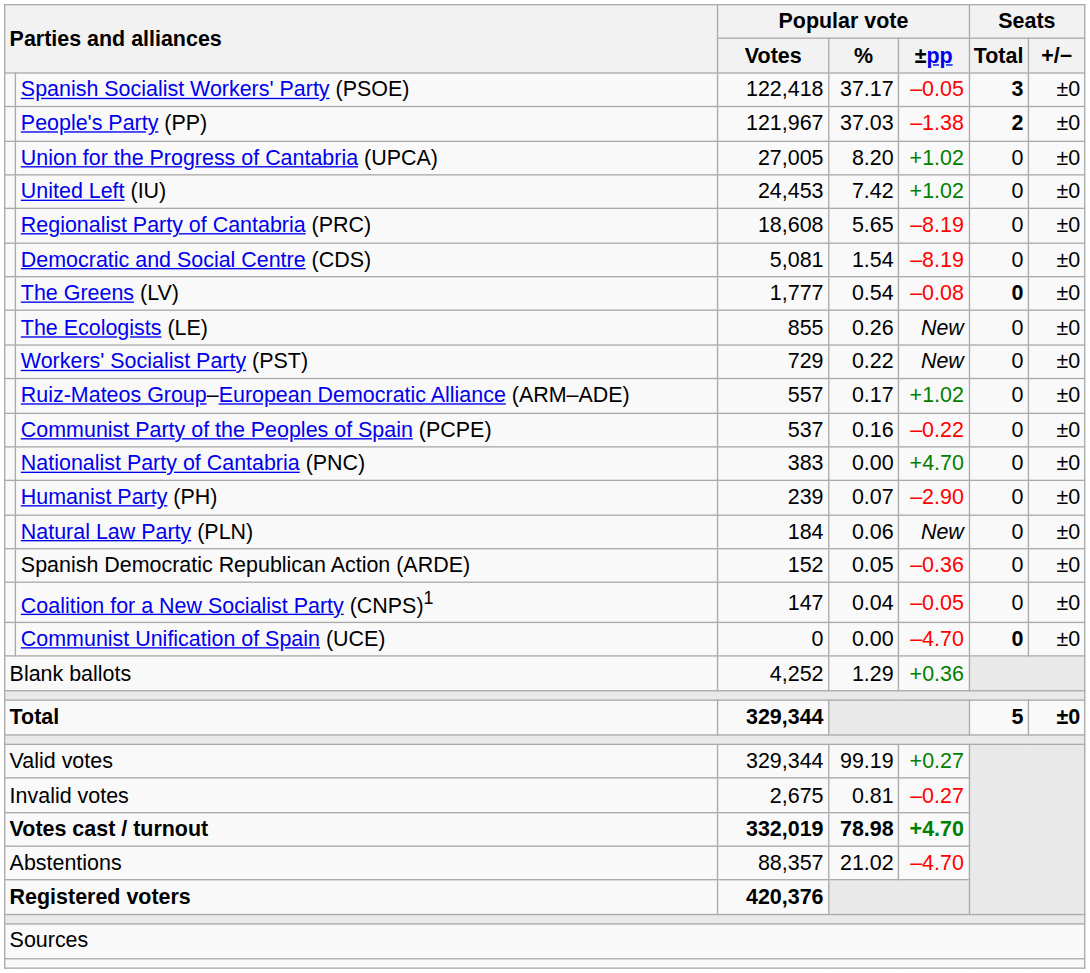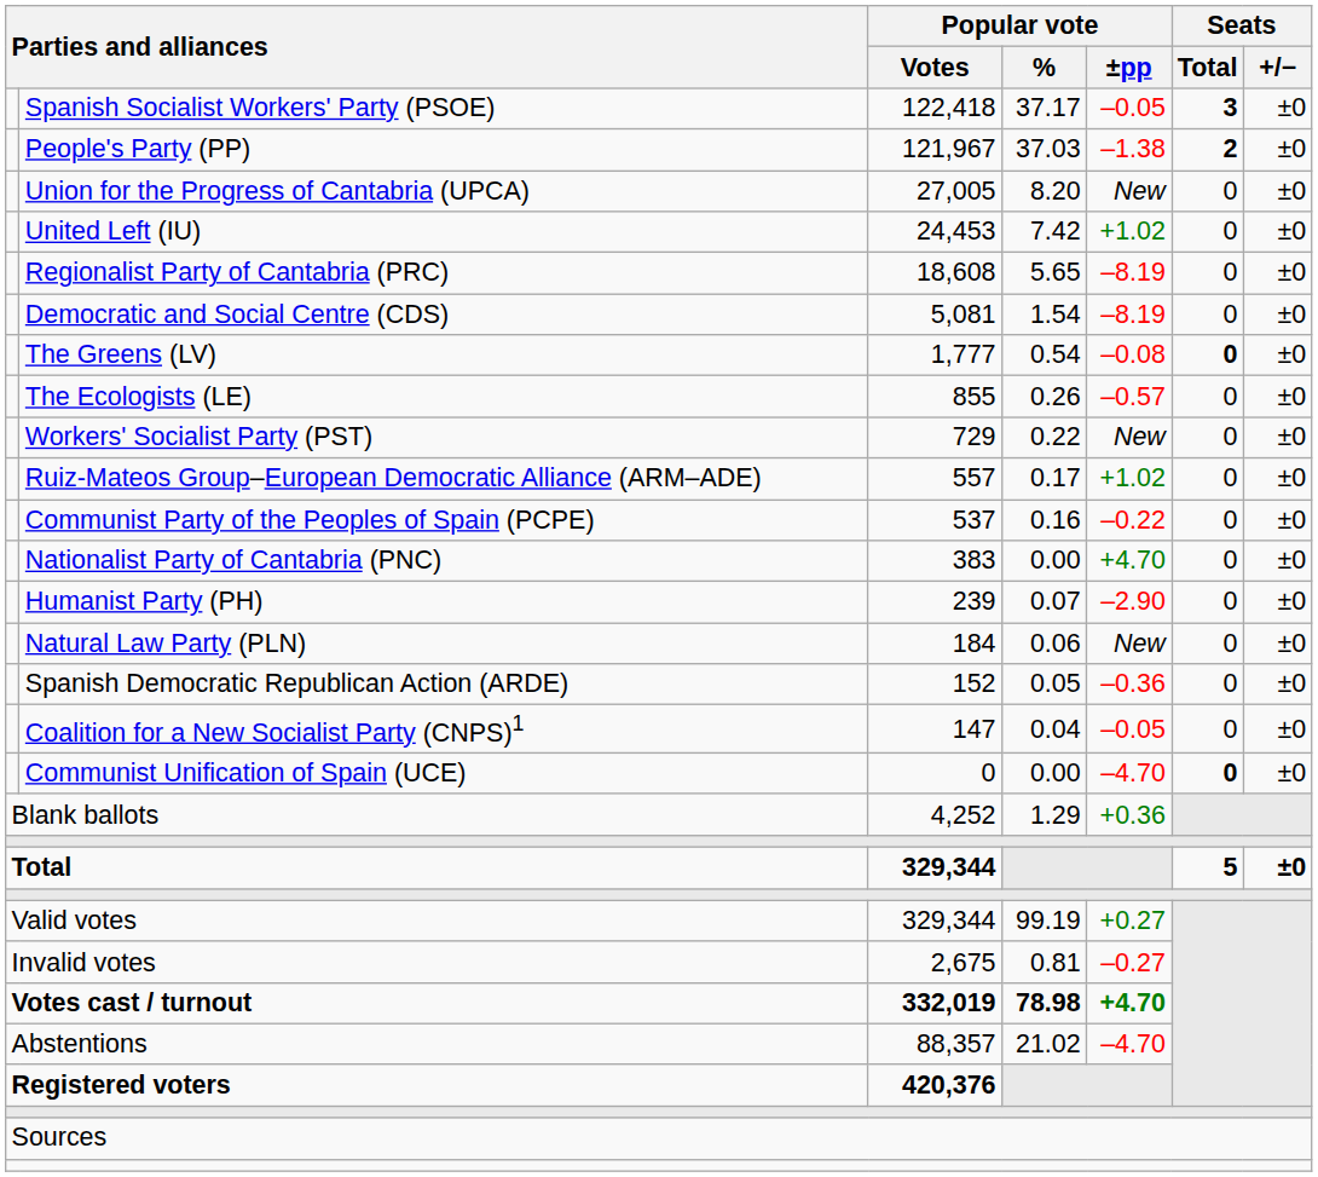 <table class="wikitable" style="text-align:right;">
 <tr>
 <th style="text-align:left;" rowspan="2" colspan="2" width="525">Parties and alliances</th>
 <th colspan="3">Popular vote</th>
 <th colspan="2">Seats</th>
 </tr>
 <tr>
 <th width="75">Votes</th>
 <th width="45">%</th>
 <th width="45">±<a href='#'>pp</a></th>
 <th width="35">Total</th>
 <th width="35">+/−</th>
 </tr>
 <tr>
 <td width="1" style="color:inherit;background:"></td>
 <td align="left"><a href='#'>Spanish Socialist Workers' Party</a> (PSOE)</td>
 <td>122,418</td>
 <td>37.17</td>
 <td style="color:red;">–0.05</td>
 <td><strong>3</strong></td>
 <td>±0</td>
 </tr>
 <tr>
 <td style="color:inherit;background:"></td>
 <td align="left"><a href='#'>People's Party</a> (PP)</td>
 <td>121,967</td>
 <td>37.03</td>
 <td style="color:red;">–1.38</td>
 <td><strong>2</strong></td>
 <td>±0</td>
 </tr>
 <tr>
 <td style="color:inherit;background:"></td>
 <td align="left"><a href='#'>Union for the Progress of Cantabria</a> (UPCA)</td>
 <td>27,005</td>
 <td>8.20</td>
-<td style="color:green;">+1.02</td>
+<td><em>New</em></td>
 <td>0</td>
 <td>±0</td>
 </tr>
 <tr>
 <td style="color:inherit;background:"></td>
 <td align="left"><a href='#'>United Left</a> (IU)</td>
 <td>24,453</td>
 <td>7.42</td>
 <td style="color:green;">+1.02</td>
 <td>0</td>
 <td>±0</td>
 </tr>
 <tr>
 <td style="color:inherit;background:"></td>
 <td align="left"><a href='#'>Regionalist Party of Cantabria</a> (PRC)</td>
 <td>18,608</td>
 <td>5.65</td>
 <td style="color:red;">–8.19</td>
 <td>0</td>
 <td>±0</td>
 </tr>
 <tr>
 <td style="color:inherit;background:"></td>
 <td align="left"><a href='#'>Democratic and Social Centre</a> (CDS)</td>
 <td>5,081</td>
 <td>1.54</td>
 <td style="color:red;">–8.19</td>
 <td>0</td>
 <td>±0</td>
 </tr>
 <tr>
 <td style="color:inherit;background:"></td>
 <td align="left"><a href='#'>The Greens</a> (LV)</td>
 <td>1,777</td>
 <td>0.54</td>
 <td style="color:red;">–0.08</td>
 <td><strong>0</strong></td>
 <td>±0</td>
 </tr>
 <tr>
 <td style="color:inherit;background:"></td>
 <td align="left"><a href='#'>The Ecologists</a> (LE)</td>
 <td>855</td>
 <td>0.26</td>
-<td><em>New</em></td>
+<td style="color:red;">–0.57</td>
 <td>0</td>
 <td>±0</td>
 </tr>
 <tr>
 <td style="color:inherit;background:"></td>
 <td align="left"><a href='#'>Workers' Socialist Party</a> (PST)</td>
 <td>729</td>
 <td>0.22</td>
 <td><em>New</em></td>
 <td>0</td>
 <td>±0</td>
 </tr>
 <tr>
 <td style="color:inherit;background:"></td>
 <td align="left"><a href='#'>Ruiz-Mateos Group</a>–<a href='#'>European Democratic Alliance</a> (ARM–ADE)</td>
 <td>557</td>
 <td>0.17</td>
 <td style="color:green;">+1.02</td>
 <td>0</td>
 <td>±0</td>
 </tr>
 <tr>
 <td style="color:inherit;background:"></td>
 <td align="left"><a href='#'>Communist Party of the Peoples of Spain</a> (PCPE)</td>
 <td>537</td>
 <td>0.16</td>
 <td style="color:red;">–0.22</td>
 <td>0</td>
 <td>±0</td>
 </tr>
 <tr>
 <td style="color:inherit;background:"></td>
 <td align="left"><a href='#'>Nationalist Party of Cantabria</a> (PNC)</td>
 <td>383</td>
 <td>0.00</td>
 <td style="color:green;">+4.70</td>
 <td>0</td>
 <td>±0</td>
 </tr>
 <tr>
 <td style="color:inherit;background:"></td>
 <td align="left"><a href='#'>Humanist Party</a> (PH)</td>
 <td>239</td>
 <td>0.07</td>
 <td style="color:red;">–2.90</td>
 <td>0</td>
 <td>±0</td>
 </tr>
 <tr>
 <td style="color:inherit;background:"></td>
 <td align="left"><a href='#'>Natural Law Party</a> (PLN)</td>
 <td>184</td>
 <td>0.06</td>
 <td><em>New</em></td>
 <td>0</td>
 <td>±0</td>
 </tr>
 <tr>
 <td style="color:inherit;background:"></td>
 <td align="left">Spanish Democratic Republican Action (ARDE)</td>
 <td>152</td>
 <td>0.05</td>
 <td style="color:red;">–0.36</td>
 <td>0</td>
 <td>±0</td>
 </tr>
 <tr>
 <td style="color:inherit;background:"></td>
 <td align="left"><a href='#'>Coalition for a New Socialist Party</a> (CNPS)<sup>1</sup></td>
 <td>147</td>
 <td>0.04</td>
 <td style="color:red;">–0.05</td>
 <td>0</td>
 <td>±0</td>
 </tr>
 <tr>
 <td style="color:inherit;background:"></td>
 <td align="left"><a href='#'>Communist Unification of Spain</a> (UCE)</td>
 <td>0</td>
 <td>0.00</td>
 <td style="color:red;">–4.70</td>
 <td><strong>0</strong></td>
 <td>±0</td>
 </tr>
 <tr>
 <td align="left" colspan="2">Blank ballots</td>
 <td>4,252</td>
 <td>1.29</td>
 <td style="color:green;">+0.36</td>
 <td bgcolor="#E9E9E9" colspan="2"></td>
 </tr>
 <tr>
 <td colspan="7" bgcolor="#E9E9E9"></td>
 </tr>
 <tr style="font-weight:bold;">
 <td align="left" colspan="2">Total</td>
 <td>329,344</td>
 <td bgcolor="#E9E9E9" colspan="2"></td>
 <td>5</td>
 <td>±0</td>
 </tr>
 <tr>
 <td colspan="7" bgcolor="#E9E9E9"></td>
 </tr>
 <tr>
 <td align="left" colspan="2">Valid votes</td>
 <td>329,344</td>
 <td>99.19</td>
 <td style="color:green;">+0.27</td>
 <td bgcolor="#E9E9E9" colspan="2" rowspan="5"></td>
 </tr>
 <tr>
 <td align="left" colspan="2">Invalid votes</td>
 <td>2,675</td>
 <td>0.81</td>
 <td style="color:red;">–0.27</td>
 </tr>
 <tr style="font-weight:bold;">
 <td align="left" colspan="2">Votes cast / turnout</td>
 <td>332,019</td>
 <td>78.98</td>
 <td style="color:green;">+4.70</td>
 </tr>
 <tr>
 <td align="left" colspan="2">Abstentions</td>
 <td>88,357</td>
 <td>21.02</td>
 <td style="color:red;">–4.70</td>
 </tr>
 <tr style="font-weight:bold;">
 <td align="left" colspan="2">Registered voters</td>
 <td>420,376</td>
 <td bgcolor="#E9E9E9" colspan="2"></td>
 </tr>
 <tr>
 <td colspan="7" bgcolor="#E9E9E9"></td>
 </tr>
 <tr>
 <td align="left" colspan="7">Sources</td>
 </tr>
 <tr>
 <td colspan="7" style="text-align:left; max-width:790px;"></td>
 </tr>
 </table>
